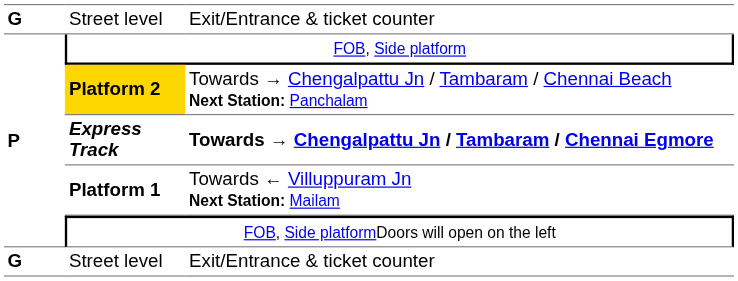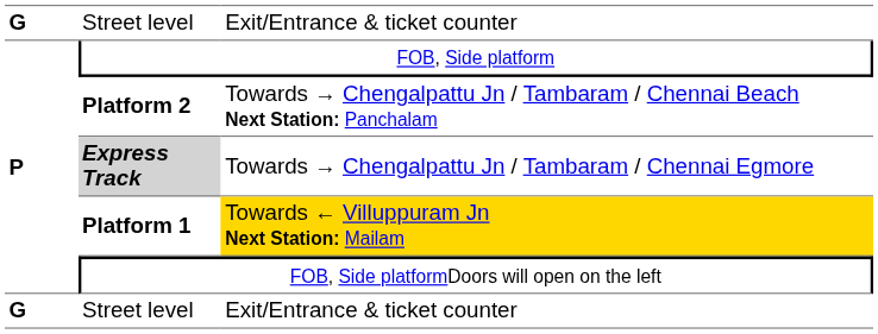 <table cellpadding="3" cellspacing="0" border="0">
 <tr>
 <td valign="top" width="50" style="border-top:solid 1px gray;border-bottom:solid 1px gray;"><strong>G</strong></td>
 <td valign="top" width="100" style="border-top:solid 1px gray;border-bottom:solid 1px gray;">Street level</td>
 <td valign="top" width="390" style="border-top:solid 1px gray;border-bottom:solid 1px gray;">Exit/Entrance & ticket counter</td>
 </tr>
 <tr>
 <td rowspan="5" style="border-bottom:solid 1px gray;" width="50" valign="center"><strong>P</strong></td>
 <td colspan="2" style="border-right:solid 2px black;border-left:solid 2px black;border-bottom:solid 2px black;text-align:center;"><a href='#'><small>FOB</small></a><small>, <a href='#'>Side platform</a></small></td>
 </tr>
 <tr>
-<td width="100" style="background: gold; border-bottom:solid 1px gray;"><span><strong>Platform 2</strong></span></td>
+<td width="100" style="border-bottom:solid 1px gray;"><span><strong>Platform 2</strong></span></td>
 <td width="500" style="border-bottom:solid 1px gray;">Towards → <a href='#'>Chengalpattu Jn</a> / <a href='#'>Tambaram</a> / <a href='#'>Chennai Beach</a><br><small><strong>Next Station:</strong> <a href='#'>Panchalam</a></small></td>
 </tr>
 <tr>
-<td width="100" style="border-bottom:solid 1px gray;"><span><strong><em>Express Track</em></strong></span></td>
-<td width="500" style="border-bottom:solid 1px gray;"><strong>Towards → <a href='#'>Chengalpattu Jn</a> / <a href='#'>Tambaram</a> / <a href='#'>Chennai Egmore</a></strong></td>
+<td width="100" style="background: lightgrey; border-bottom:solid 1px gray;"><span><strong><em>Express Track</em></strong></span></td>
+<td width="500" style="border-bottom:solid 1px gray;">Towards → <a href='#'>Chengalpattu Jn</a> / <a href='#'>Tambaram</a> / <a href='#'>Chennai Egmore</a></td>
 </tr>
 <tr>
 <td width="100" style="border-bottom:solid 1px gray;"><span><strong>Platform 1</strong></span></td>
-<td style="border-bottom:solid 1px gray;" width="500">Towards ← <a href='#'>Villuppuram Jn</a><br><small><strong>Next Station:</strong> <a href='#'>Mailam</a></small></td>
+<td style="background: gold; border-bottom:solid 1px gray;" width="500">Towards ← <a href='#'>Villuppuram Jn</a><br><small><strong>Next Station:</strong> <a href='#'>Mailam</a></small></td>
 </tr>
 <tr>
 <td colspan="2" style="border-top:solid 2px black;border-right:solid 2px black;border-left:solid 2px black;border-bottom:solid 1px gray;" align="center"><a href='#'><small>FOB</small></a><small>, <a href='#'>Side platform</a>Doors will open on the left</small></td>
 </tr>
 <tr>
 <td style="border-bottom:solid 1px gray;" width="50" valign="top"><strong>G</strong></td>
 <td style="border-bottom:solid 1px gray;" width="50" valign="top">Street level</td>
 <td style="border-bottom:solid 1px gray;" width="50" valign="top">Exit/Entrance & ticket counter</td>
 </tr>
 <tr>
 </tr>
 </table>
